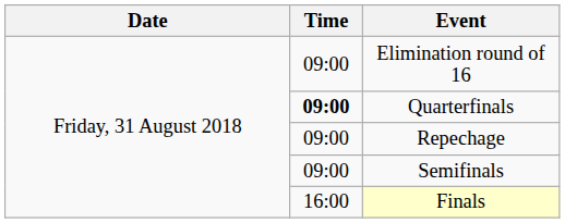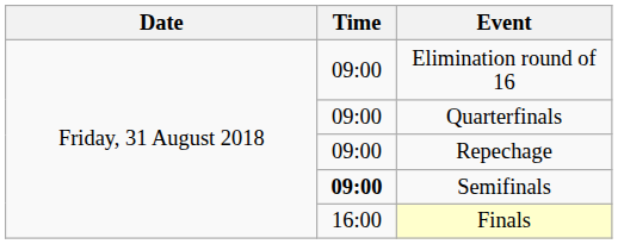 <table class = "wikitable" style="text-align:center;">
 <tr>
 <th width=220>Date</th>
 <th width=50>Time</th>
 <th width=150>Event</th>
 </tr>
 <tr>
 <td rowspan=5>Friday, 31 August 2018</td>
 <td>09:00</td>
 <td>Elimination round of 16</td>
 </tr>
 <tr>
-<td><strong>09:00</strong></td>
+<td>09:00</td>
 <td>Quarterfinals</td>
 </tr>
 <tr>
 <td>09:00</td>
 <td>Repechage</td>
 </tr>
 <tr>
-<td>09:00</td>
+<td><strong>09:00</strong></td>
 <td>Semifinals</td>
 </tr>
 <tr>
 <td>16:00</td>
 <td bgcolor=ffffcc>Finals</td>
 </tr>
 </table>
